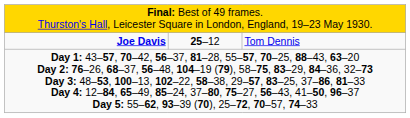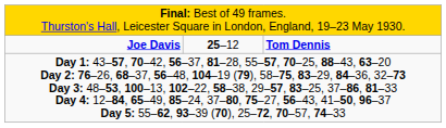 <table class="wikitable" style="font-size: 95%; margin: 1em auto 1em auto;">
 <tr>
 <td colspan="3" align="center" bgcolor="#ffd700"><strong>Final:</strong> Best of 49 frames.<br><a href='#'>Thurston's Hall</a>, Leicester Square in London, England, 19–23 May 1930.</td>
 </tr>
 <tr>
 <td width="230" align="right"><strong><a href='#'>Joe Davis</a></strong><br></td>
 <td width="100" align="center"><strong>25</strong>–12</td>
-<td width="230"><a href='#'>Tom Dennis</a><br></td>
+<td width="230"><strong><a href='#'>Tom Dennis</a><br></strong></td>
 </tr>
 <tr>
 <td colspan="3" align="center" style="font-size: 100%"><strong>Day 1:</strong> 43–<strong>57</strong>, <strong>70</strong>–42, <strong>56</strong>–37, <strong>81</strong>–28, 55–<strong>57</strong>, <strong>70</strong>–25, <strong>88</strong>–43, <strong>63</strong>–20<br><strong>Day 2:</strong> <strong>76</strong>–26, <strong>68</strong>–37, <strong>56</strong>–48, <strong>104</strong>–19 (<strong>79</strong>), 58–<strong>75</strong>, <strong>83</strong>–29, <strong>84</strong>–36, 32–<strong>73</strong><br><strong>Day 3:</strong> 48–<strong>53</strong>, <strong>100</strong>–13, <strong>102</strong>–22, <strong>58</strong>–38, 29–<strong>57</strong>, <strong>83</strong>–25, 37–<strong>86</strong>, <strong>81</strong>–33<br><strong>Day 4:</strong> 12–<strong>84</strong>, <strong>65</strong>–49, <strong>85</strong>–24, 37–<strong>80</strong>, <strong>75</strong>–27, <strong>56</strong>–43, 41–<strong>50</strong>, <strong>96</strong>–37<br><strong>Day 5:</strong> 55–<strong>62</strong>, <strong>93</strong>–39 (<strong>70</strong>), 25–<strong>72</strong>, <strong>70</strong>–57, <strong>74</strong>–33</td>
 </tr>
 </table>
